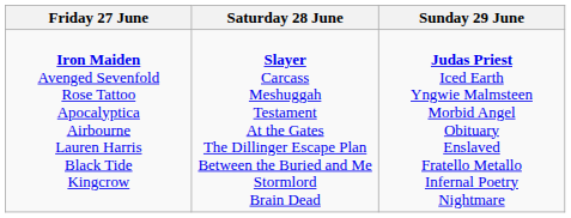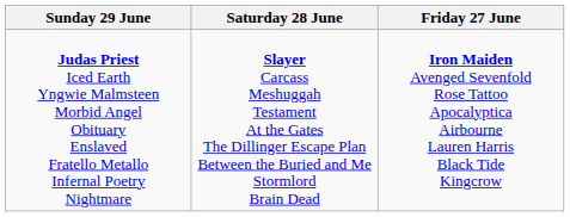 <table class="wikitable">
 <tr>
+<th>Sunday 29 June</th>
+<th>Saturday 28 June</th>
 <th>Friday 27 June</th>
-<th>Saturday 28 June</th>
-<th>Sunday 29 June</th>
 </tr>
 <tr>
+<td valign="top" align="center" width=185><br><strong><a href='#'>Judas Priest</a></strong> <br><a href='#'>Iced Earth</a> <br><a href='#'>Yngwie Malmsteen</a> <br><a href='#'>Morbid Angel</a> <br><a href='#'>Obituary</a> <br><a href='#'>Enslaved</a> <br><a href='#'>Fratello Metallo</a> <br><a href='#'>Infernal Poetry</a> <br><a href='#'>Nightmare</a></td>
+<td valign="top" align="center" width=185><br><strong><a href='#'>Slayer</a></strong> <br><a href='#'>Carcass</a> <br><a href='#'>Meshuggah</a> <br><a href='#'>Testament</a> <br><a href='#'>At the Gates</a> <br><a href='#'>The Dillinger Escape Plan</a> <br><a href='#'>Between the Buried and Me</a> <br><a href='#'>Stormlord</a> <br><a href='#'>Brain Dead</a></td>
 <td valign="top" align="center" width=185><br><strong><a href='#'>Iron Maiden</a></strong> <br><a href='#'>Avenged Sevenfold</a> <br><a href='#'>Rose Tattoo</a> <br><a href='#'>Apocalyptica</a> <br><a href='#'>Airbourne</a> <br><a href='#'>Lauren Harris</a> <br><a href='#'>Black Tide</a> <br><a href='#'>Kingcrow</a></td>
-<td valign="top" align="center" width=185><br><strong><a href='#'>Slayer</a></strong> <br><a href='#'>Carcass</a> <br><a href='#'>Meshuggah</a> <br><a href='#'>Testament</a> <br><a href='#'>At the Gates</a> <br><a href='#'>The Dillinger Escape Plan</a> <br><a href='#'>Between the Buried and Me</a> <br><a href='#'>Stormlord</a> <br><a href='#'>Brain Dead</a></td>
-<td valign="top" align="center" width=185><br><strong><a href='#'>Judas Priest</a></strong> <br><a href='#'>Iced Earth</a> <br><a href='#'>Yngwie Malmsteen</a> <br><a href='#'>Morbid Angel</a> <br><a href='#'>Obituary</a> <br><a href='#'>Enslaved</a> <br><a href='#'>Fratello Metallo</a> <br><a href='#'>Infernal Poetry</a> <br><a href='#'>Nightmare</a></td>
 </tr>
 </table>
